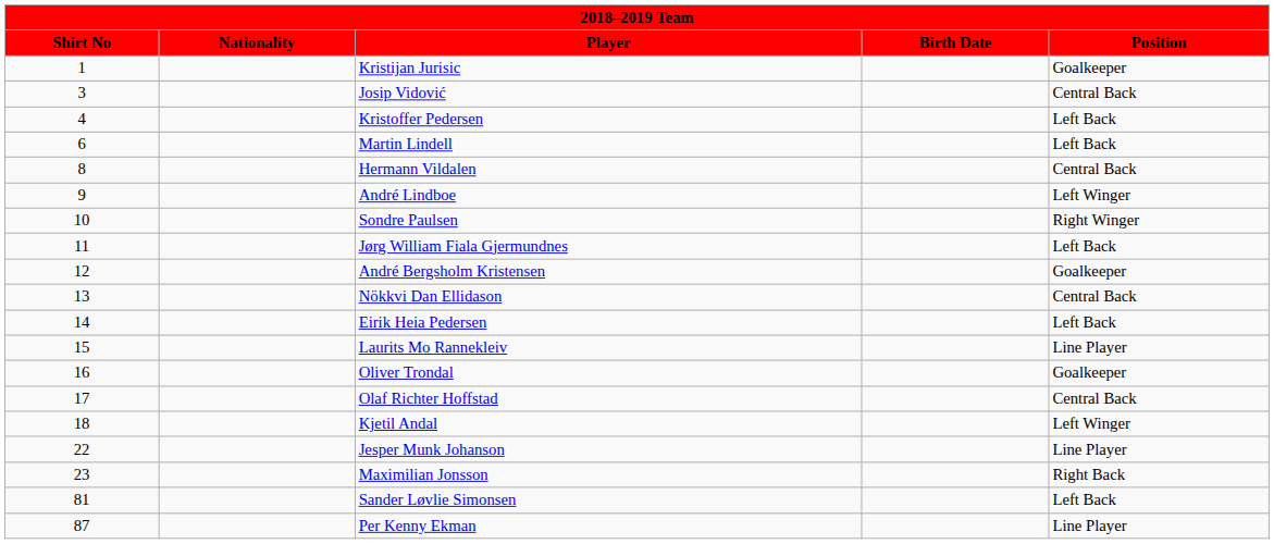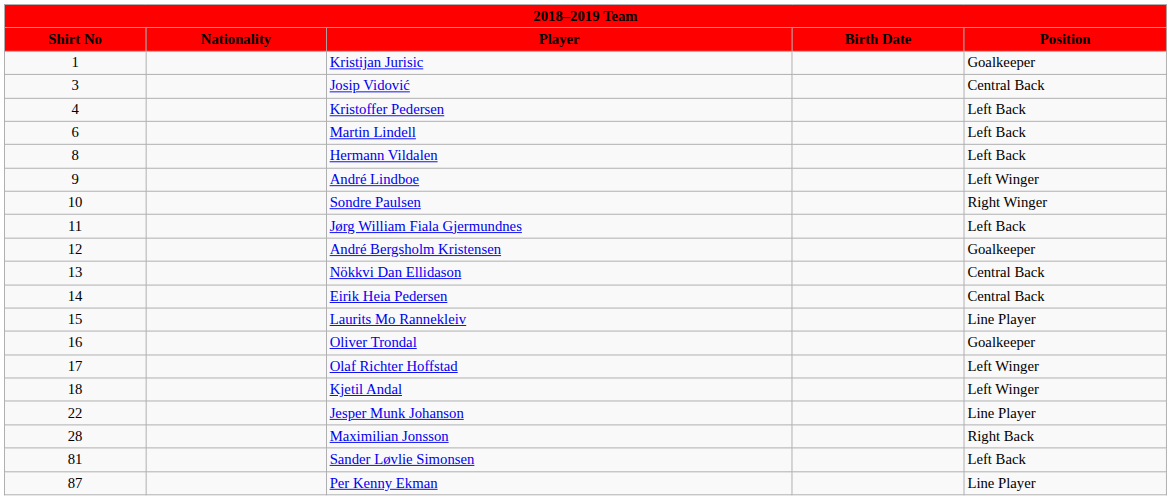 <table class="wikitable collapsible collapsed" style="width:100%">
 <tr>
 <th colspan=5 style="background-color:#FF0000;color:#000000;text-align:center;"> <strong>2018–2019 Team</strong></th>
 </tr>
 <tr>
 <th style="color:#000000; background:#FF0000">Shirt No</th>
 <th style="color:#000000; background:#FF0000">Nationality</th>
 <th style="color:#000000; background:#FF0000">Player</th>
 <th style="color:#000000; background:#FF0000">Birth Date</th>
 <th style="color:#000000; background:#FF0000">Position</th>
 </tr>
 <tr>
 <td align=center>1</td>
 <td></td>
 <td><a href='#'>Kristijan Jurisic</a></td>
 <td></td>
 <td>Goalkeeper</td>
 </tr>
 <tr>
 <td align=center>3</td>
 <td></td>
 <td><a href='#'>Josip Vidović</a></td>
 <td></td>
 <td>Central Back</td>
 </tr>
 <tr>
 <td align=center>4</td>
 <td></td>
 <td><a href='#'>Kristoffer Pedersen</a></td>
 <td></td>
 <td>Left Back</td>
 </tr>
 <tr>
 <td align=center>6</td>
 <td></td>
 <td><a href='#'>Martin Lindell</a></td>
 <td></td>
 <td>Left Back</td>
 </tr>
 <tr>
 <td align=center>8</td>
 <td></td>
 <td><a href='#'>Hermann Vildalen</a></td>
 <td></td>
-<td>Central Back</td>
+<td>Left Back</td>
 </tr>
 <tr>
 <td align=center>9</td>
 <td></td>
 <td><a href='#'>André Lindboe</a></td>
 <td></td>
 <td>Left Winger</td>
 </tr>
 <tr>
 <td align=center>10</td>
 <td></td>
 <td><a href='#'>Sondre Paulsen</a></td>
 <td></td>
 <td>Right Winger</td>
 </tr>
 <tr>
 <td align=center>11</td>
 <td></td>
 <td><a href='#'>Jørg William Fiala Gjermundnes</a></td>
 <td></td>
 <td>Left Back</td>
 </tr>
 <tr>
 <td align=center>12</td>
 <td></td>
 <td><a href='#'>André Bergsholm Kristensen</a></td>
 <td></td>
 <td>Goalkeeper</td>
 </tr>
 <tr>
 <td align=center>13</td>
 <td></td>
 <td><a href='#'>Nökkvi Dan Ellidason</a></td>
 <td></td>
 <td>Central Back</td>
 </tr>
 <tr>
 <td align=center>14</td>
 <td></td>
 <td><a href='#'>Eirik Heia Pedersen</a></td>
 <td></td>
-<td>Left Back</td>
+<td>Central Back</td>
 </tr>
 <tr>
 <td align=center>15</td>
 <td></td>
 <td><a href='#'>Laurits Mo Rannekleiv</a></td>
 <td></td>
 <td>Line Player</td>
 </tr>
 <tr>
 <td align=center>16</td>
 <td></td>
 <td><a href='#'>Oliver Trondal</a></td>
 <td></td>
 <td>Goalkeeper</td>
 </tr>
 <tr>
 <td align=center>17</td>
 <td></td>
 <td><a href='#'>Olaf Richter Hoffstad</a></td>
 <td></td>
-<td>Central Back</td>
+<td>Left Winger</td>
 </tr>
 <tr>
 <td align=center>18</td>
 <td></td>
 <td><a href='#'>Kjetil Andal</a></td>
 <td></td>
 <td>Left Winger</td>
 </tr>
 <tr>
 <td align=center>22</td>
 <td></td>
 <td><a href='#'>Jesper Munk Johanson</a></td>
 <td></td>
 <td>Line Player</td>
 </tr>
 <tr>
-<td align=center>23</td>
+<td align=center>28</td>
 <td></td>
 <td><a href='#'>Maximilian Jonsson</a></td>
 <td></td>
 <td>Right Back</td>
 </tr>
 <tr>
 <td align=center>81</td>
 <td></td>
 <td><a href='#'>Sander Løvlie Simonsen</a></td>
 <td></td>
 <td>Left Back</td>
 </tr>
 <tr>
 <td align=center>87</td>
 <td></td>
 <td><a href='#'>Per Kenny Ekman</a></td>
 <td></td>
 <td>Line Player</td>
 </tr>
 </table>
